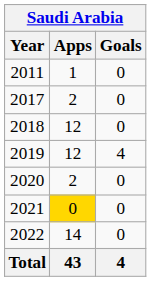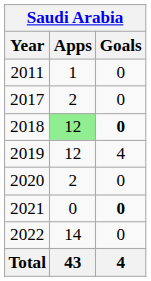 <table class="wikitable" style="text-align:center">
 <tr>
 <th colspan=3><a href='#'>Saudi Arabia</a></th>
 </tr>
 <tr>
 <th>Year</th>
 <th>Apps</th>
 <th>Goals</th>
 </tr>
 <tr>
 <td>2011</td>
 <td>1</td>
 <td>0</td>
 </tr>
 <tr>
 <td>2017</td>
 <td>2</td>
 <td>0</td>
 </tr>
 <tr>
 <td>2018</td>
-<td>12</td>
-<td>0</td>
+<td style="background: lightgreen;">12</td>
+<td><strong>0</strong></td>
 </tr>
 <tr>
 <td>2019</td>
 <td>12</td>
 <td>4</td>
 </tr>
 <tr>
 <td>2020</td>
 <td>2</td>
 <td>0</td>
 </tr>
 <tr>
 <td>2021</td>
-<td style="background: gold;">0</td>
 <td>0</td>
+<td><strong>0</strong></td>
 </tr>
 <tr>
 <td>2022</td>
 <td>14</td>
 <td>0</td>
 </tr>
 <tr>
 <th>Total</th>
 <th>43</th>
 <th>4</th>
 </tr>
 </table>
